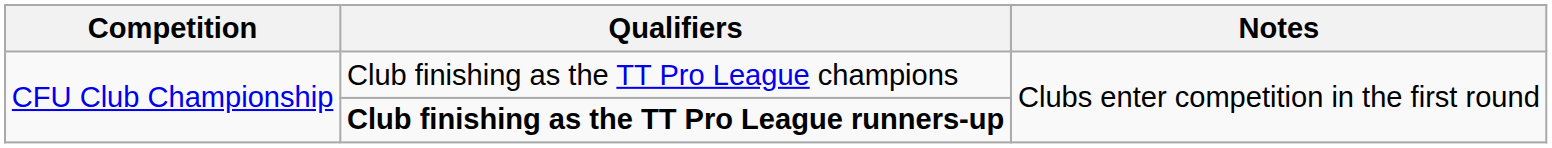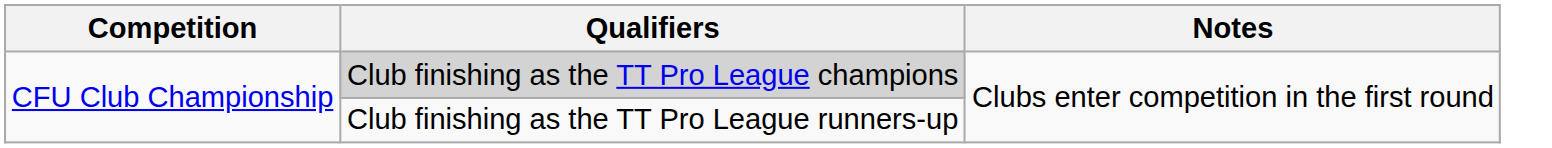 <table class="wikitable" style="font-size:90%;">
 <tr>
 <th>Competition</th>
 <th>Qualifiers</th>
 <th>Notes</th>
 </tr>
 <tr>
 <td rowspan="2"><a href='#'>CFU Club Championship</a></td>
-<td>Club finishing as the <a href='#'>TT Pro League</a> champions</td>
+<td style="background: lightgrey;">Club finishing as the <a href='#'>TT Pro League</a> champions</td>
 <td rowspan="2">Clubs enter competition in the first round</td>
 </tr>
 <tr>
-<td><strong>Club finishing as the TT Pro League runners-up</strong></td>
+<td>Club finishing as the TT Pro League runners-up</td>
 </tr>
 </table>
